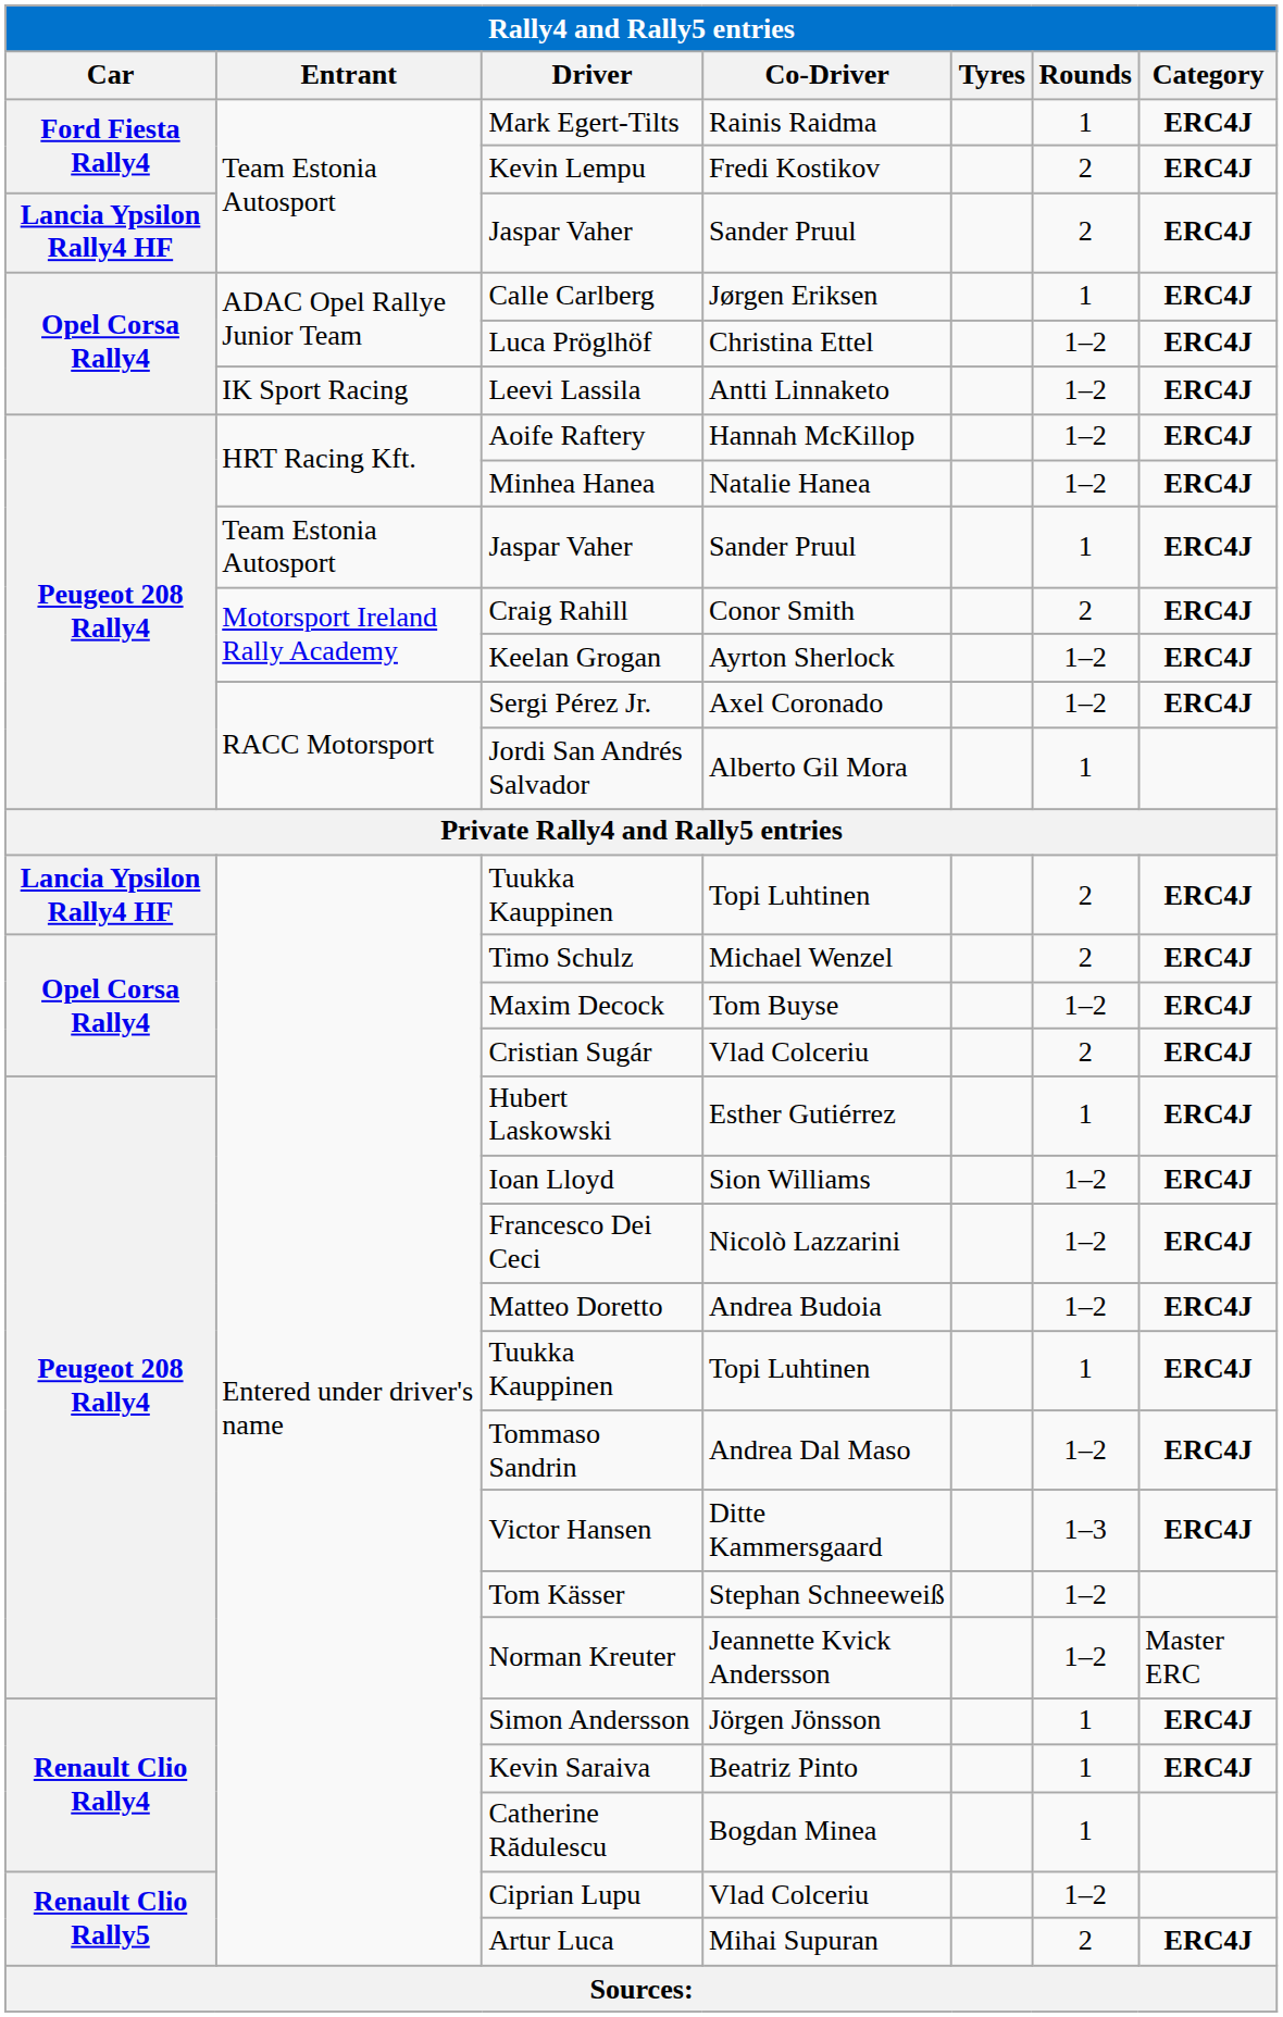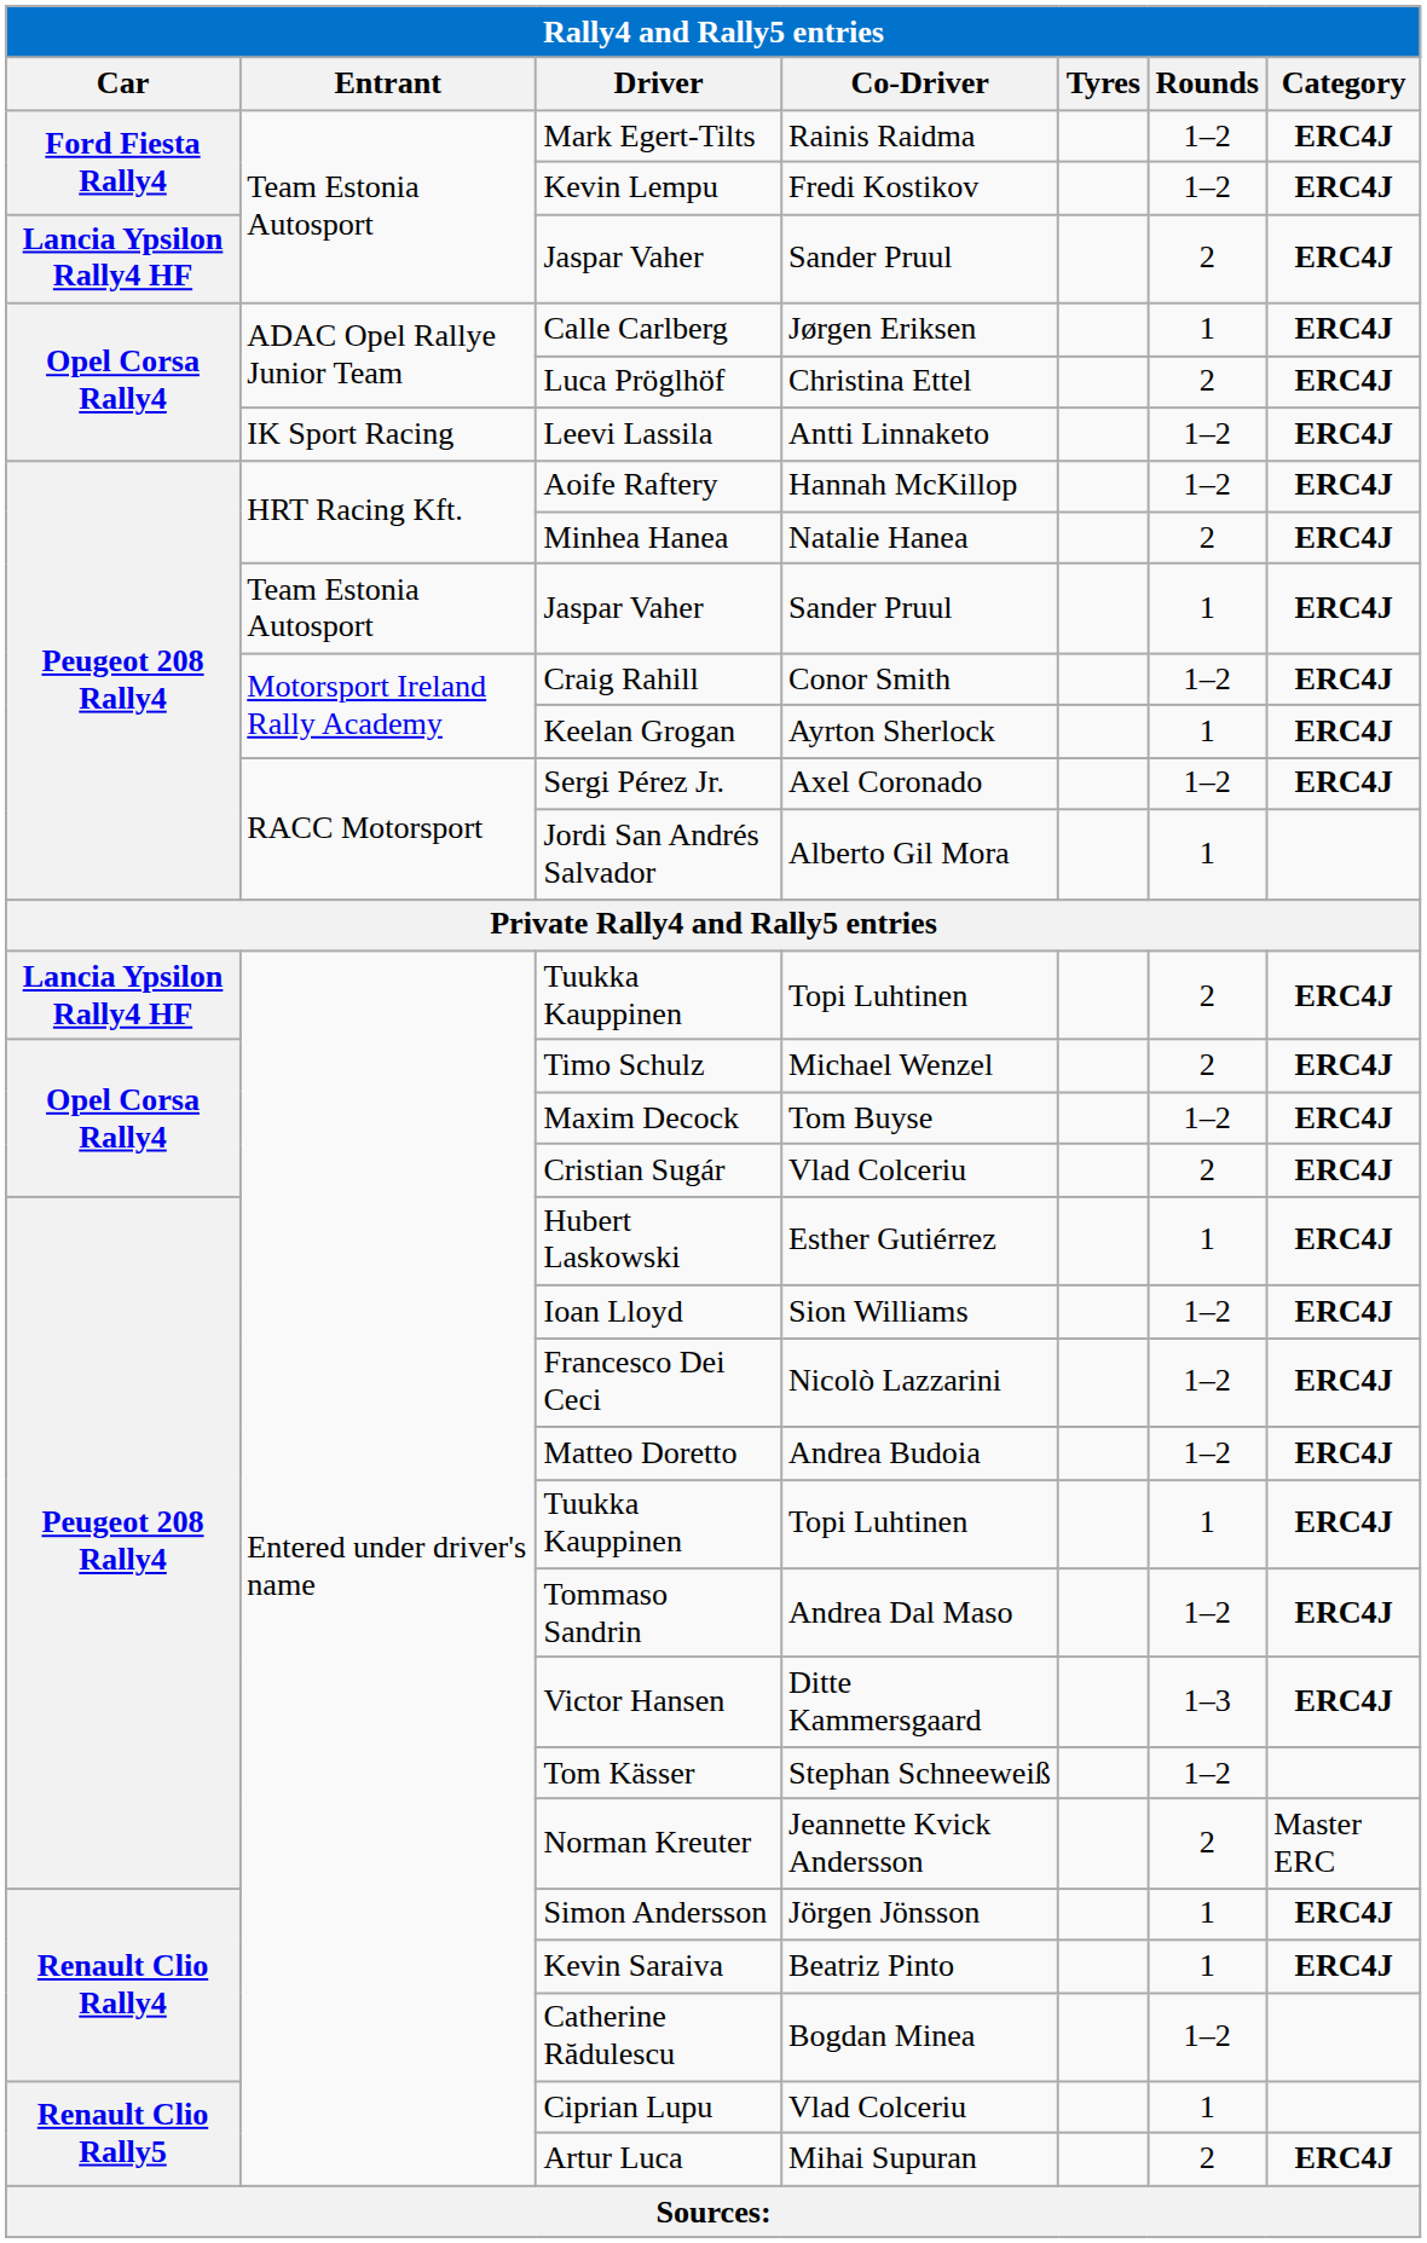 <table class="wikitable" style="font-size: 85%">
 <tr>
 <th colspan="7" style="color:white; background-color:#0173cd;">Rally4 and Rally5 entries</th>
 </tr>
 <tr>
 <th>Car</th>
 <th>Entrant</th>
 <th>Driver</th>
 <th>Co-Driver</th>
 <th>Tyres</th>
 <th>Rounds</th>
 <th>Category</th>
 </tr>
 <tr>
 <th rowspan="2"><a href='#'>Ford Fiesta Rally4</a></th>
 <td rowspan="3"> Team Estonia Autosport</td>
 <td> Mark Egert-Tilts</td>
 <td> Rainis Raidma</td>
 <td align="center"></td>
-<td align="center">1</td>
+<td align="center">1–2</td>
 <td align="center"><span><strong>ERC4J</strong></span></td>
 </tr>
 <tr>
 <td> Kevin Lempu</td>
 <td> Fredi Kostikov</td>
 <td align="center"></td>
-<td align="center">2</td>
+<td align="center">1–2</td>
 <td align="center"><span><strong>ERC4J</strong></span></td>
 </tr>
 <tr>
 <th><a href='#'>Lancia Ypsilon Rally4 HF</a></th>
 <td> Jaspar Vaher</td>
 <td> Sander Pruul</td>
 <td align="center"></td>
 <td align="center">2</td>
 <td align="center"><span><strong>ERC4J</strong></span></td>
 </tr>
 <tr>
 <th rowspan="3"><a href='#'>Opel Corsa Rally4</a></th>
 <td rowspan="2"> ADAC Opel Rallye Junior Team</td>
 <td> Calle Carlberg</td>
 <td> Jørgen Eriksen</td>
 <td align="center"></td>
 <td align="center">1</td>
 <td align="center"><span><strong>ERC4J</strong></span></td>
 </tr>
 <tr>
 <td> Luca Pröglhöf</td>
 <td> Christina Ettel</td>
 <td align="center"></td>
-<td align="center">1–2</td>
+<td align="center">2</td>
 <td align="center"><span><strong>ERC4J</strong></span></td>
 </tr>
 <tr>
 <td> IK Sport Racing</td>
 <td> Leevi Lassila</td>
 <td> Antti Linnaketo</td>
 <td align="center"></td>
 <td align="center">1–2</td>
 <td align="center"><span><strong>ERC4J</strong></span></td>
 </tr>
 <tr>
 <th rowspan="7"><a href='#'>Peugeot 208 Rally4</a></th>
 <td rowspan="2"> HRT Racing Kft.</td>
 <td> Aoife Raftery</td>
 <td> Hannah McKillop</td>
 <td align="center"></td>
 <td align="center">1–2</td>
 <td align="center"><span><strong>ERC4J</strong></span></td>
 </tr>
 <tr>
 <td> Minhea Hanea</td>
 <td> Natalie Hanea</td>
 <td align="center"></td>
-<td align="center">1–2</td>
+<td align="center">2</td>
 <td align="center"><span><strong>ERC4J</strong></span></td>
 </tr>
 <tr>
 <td> Team Estonia Autosport</td>
 <td> Jaspar Vaher</td>
 <td> Sander Pruul</td>
 <td align="center"></td>
 <td align="center">1</td>
 <td align="center"><span><strong>ERC4J</strong></span></td>
 </tr>
 <tr>
 <td rowspan="2"> <a href='#'>Motorsport Ireland Rally Academy</a></td>
 <td> Craig Rahill</td>
 <td> Conor Smith</td>
 <td align="center"></td>
-<td align="center">2</td>
+<td align="center">1–2</td>
 <td align="center"><span><strong>ERC4J</strong></span></td>
 </tr>
 <tr>
 <td> Keelan Grogan</td>
 <td> Ayrton Sherlock</td>
 <td align="center"></td>
-<td align="center">1–2</td>
+<td align="center">1</td>
 <td align="center"><span><strong>ERC4J</strong></span></td>
 </tr>
 <tr>
 <td rowspan="2"> RACC Motorsport</td>
 <td> Sergi Pérez Jr.</td>
 <td> Axel Coronado</td>
 <td align="center"></td>
 <td align="center">1–2</td>
 <td align="center"><span><strong>ERC4J</strong></span></td>
 </tr>
 <tr>
 <td> Jordi San Andrés Salvador</td>
 <td> Alberto Gil Mora</td>
 <td align="center"></td>
 <td align="center">1</td>
 <td align="center"></td>
 </tr>
 <tr>
 <th colspan="7" style="color:black;">Private Rally4 and Rally5 entries</th>
 </tr>
 <tr>
 <th><a href='#'>Lancia Ypsilon Rally4 HF</a></th>
 <td rowspan="18">Entered under driver's name</td>
 <td> Tuukka Kauppinen</td>
 <td> Topi Luhtinen</td>
 <td align="center"></td>
 <td align="center">2</td>
 <td align="center"><span><strong>ERC4J</strong></span></td>
 </tr>
 <tr>
 <th rowspan="3"><a href='#'>Opel Corsa Rally4</a></th>
 <td> Timo Schulz</td>
 <td> Michael Wenzel</td>
 <td align="center"></td>
 <td align="center">2</td>
 <td align="center"><span><strong>ERC4J</strong></span></td>
 </tr>
 <tr>
 <td> Maxim Decock</td>
 <td> Tom Buyse</td>
 <td align="center"></td>
 <td align="center">1–2</td>
 <td align="center"><span><strong>ERC4J</strong></span></td>
 </tr>
 <tr>
 <td> Cristian Sugár</td>
 <td> Vlad Colceriu</td>
 <td align="center"></td>
 <td align="center">2</td>
 <td align="center"><span><strong>ERC4J</strong></span></td>
 </tr>
 <tr>
 <th rowspan="9"><a href='#'>Peugeot 208 Rally4</a></th>
 <td> Hubert Laskowski</td>
 <td> Esther Gutiérrez</td>
 <td align="center"></td>
 <td align="center">1</td>
 <td align="center"><span><strong>ERC4J</strong></span></td>
 </tr>
 <tr>
 <td> Ioan Lloyd</td>
 <td> Sion Williams</td>
 <td align="center"></td>
 <td align="center">1–2</td>
 <td align="center"><span><strong>ERC4J</strong></span></td>
 </tr>
 <tr>
 <td> Francesco Dei Ceci</td>
 <td> Nicolò Lazzarini</td>
 <td align="center"></td>
 <td align="center">1–2</td>
 <td align="center"><span><strong>ERC4J</strong></span></td>
 </tr>
 <tr>
 <td> Matteo Doretto</td>
 <td> Andrea Budoia</td>
 <td align="center"></td>
 <td align="center">1–2</td>
 <td align="center"><span><strong>ERC4J</strong></span></td>
 </tr>
 <tr>
 <td> Tuukka Kauppinen</td>
 <td> Topi Luhtinen</td>
 <td align="center"></td>
 <td align="center">1</td>
 <td align="center"><span><strong>ERC4J</strong></span></td>
 </tr>
 <tr>
 <td> Tommaso Sandrin</td>
 <td> Andrea Dal Maso</td>
 <td align="center"></td>
 <td align="center">1–2</td>
 <td align="center"><span><strong>ERC4J</strong></span></td>
 </tr>
 <tr>
 <td> Victor Hansen</td>
 <td> Ditte Kammersgaard</td>
 <td align="center"></td>
 <td align="center">1–3</td>
 <td align="center"><span><strong>ERC4J</strong></span></td>
 </tr>
 <tr>
 <td> Tom Kässer</td>
 <td> Stephan Schneeweiß</td>
 <td align="center"></td>
 <td align="center">1–2</td>
 <td align="center"></td>
 </tr>
 <tr>
 <td> Norman Kreuter</td>
 <td> Jeannette Kvick Andersson</td>
 <td align="center"></td>
-<td align="center">1–2</td>
+<td align="center">2</td>
 <td>Master ERC</td>
 </tr>
 <tr>
 <th rowspan="3"><a href='#'>Renault Clio Rally4</a></th>
 <td> Simon Andersson</td>
 <td> Jörgen Jönsson</td>
 <td align="center"></td>
 <td align="center">1</td>
 <td align="center"><span><strong>ERC4J</strong></span></td>
 </tr>
 <tr>
 <td> Kevin Saraiva</td>
 <td> Beatriz Pinto</td>
 <td align="center"></td>
 <td align="center">1</td>
 <td align="center"><span><strong>ERC4J</strong></span></td>
 </tr>
 <tr>
 <td> Catherine Rădulescu</td>
 <td> Bogdan Minea</td>
 <td align="center"></td>
-<td align="center">1</td>
+<td align="center">1–2</td>
 <td></td>
 </tr>
 <tr>
 <th rowspan="2"><a href='#'>Renault Clio Rally5</a></th>
 <td> Ciprian Lupu</td>
 <td> Vlad Colceriu</td>
 <td align="center"></td>
-<td align="center">1–2</td>
+<td align="center">1</td>
 <td></td>
 </tr>
 <tr>
 <td> Artur Luca</td>
 <td> Mihai Supuran</td>
 <td align="center"></td>
 <td align="center">2</td>
 <td align="center"><span><strong>ERC4J</strong></span></td>
 </tr>
 <tr>
 <th colspan="8" style="color:black;">Sources:</th>
 </tr>
 </table>
